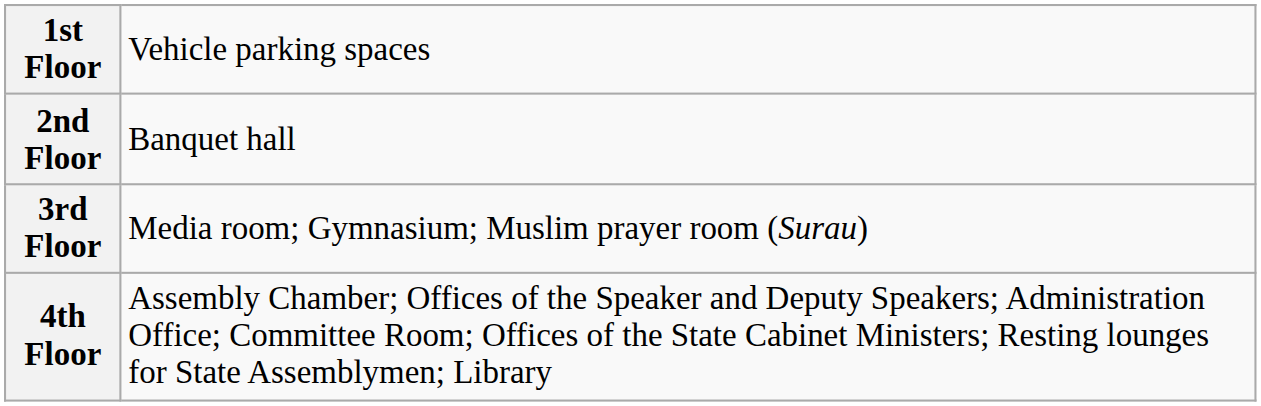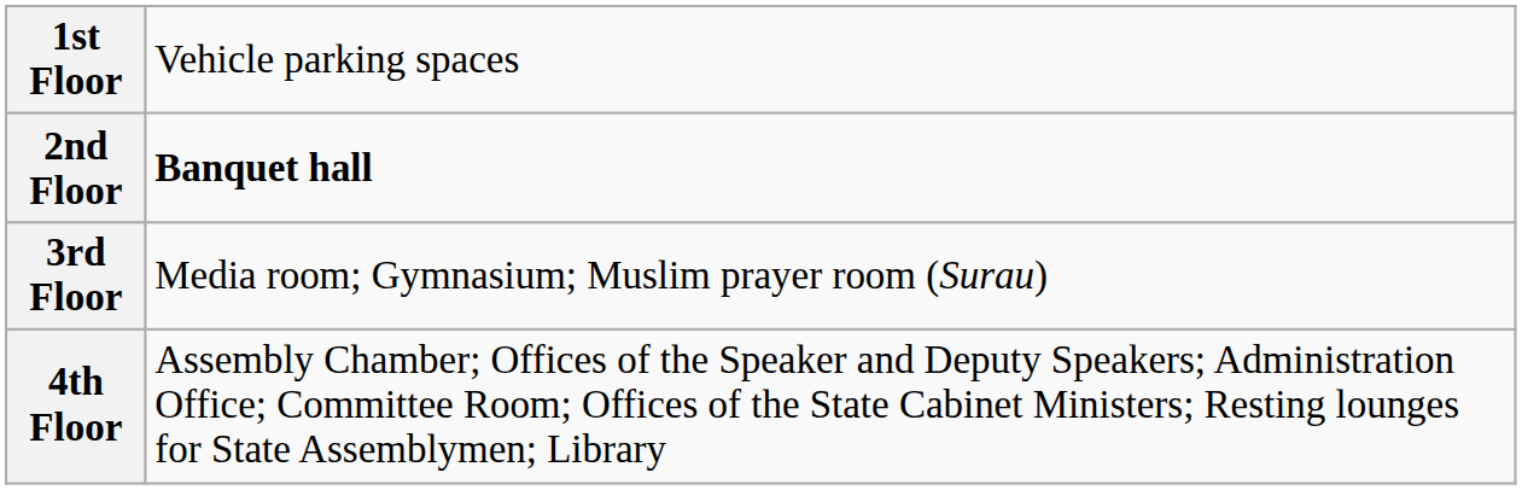 <table class="wikitable" border="1">
 <tr>
 <th>1st Floor</th>
 <td>Vehicle parking spaces</td>
 </tr>
 <tr>
 <th>2nd Floor</th>
-<td>Banquet hall</td>
+<td><strong>Banquet hall</strong></td>
 </tr>
 <tr>
 <th>3rd Floor</th>
 <td>Media room; Gymnasium; Muslim prayer room (<em>Surau</em>)</td>
 </tr>
 <tr>
 <th>4th Floor</th>
 <td>Assembly Chamber; Offices of the Speaker and Deputy Speakers; Administration Office; Committee Room; Offices of the State Cabinet Ministers; Resting lounges for State Assemblymen; Library</td>
 </tr>
 </table>
